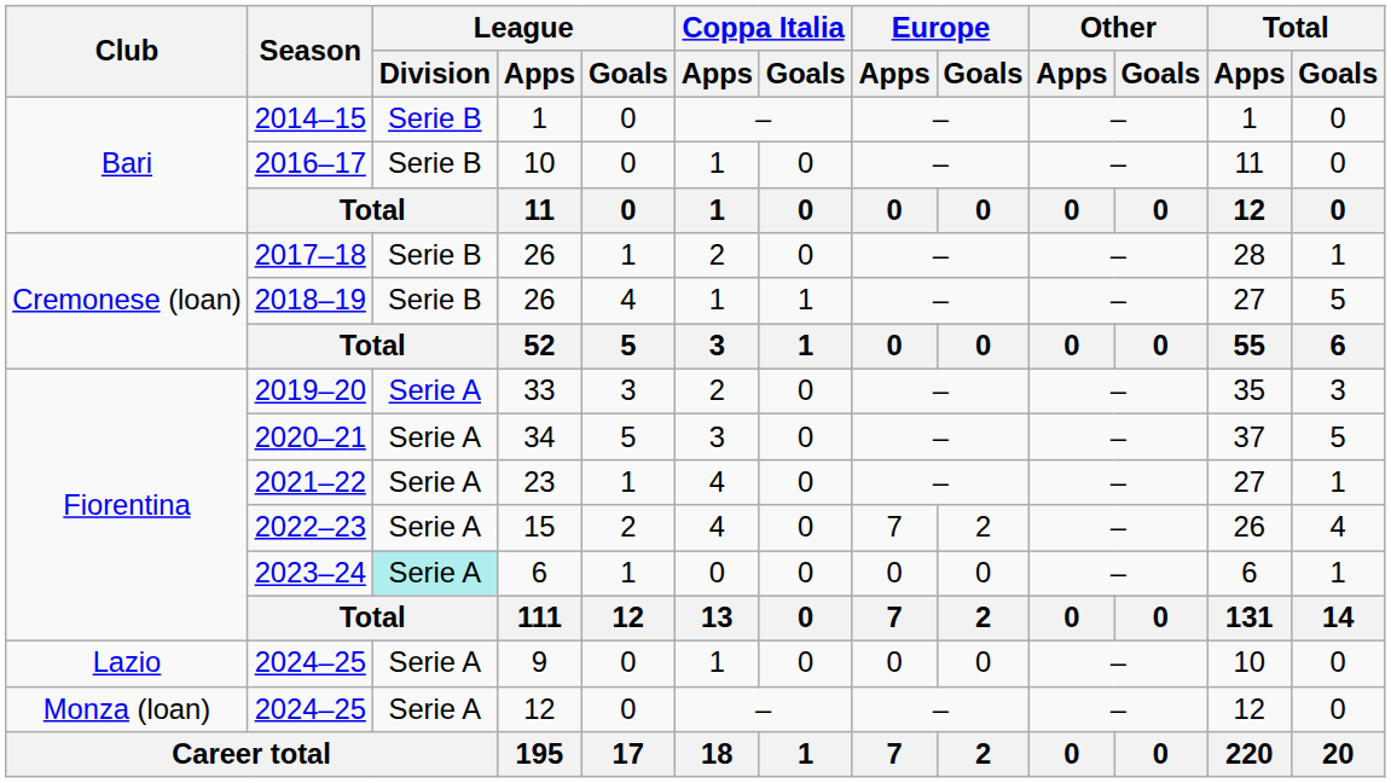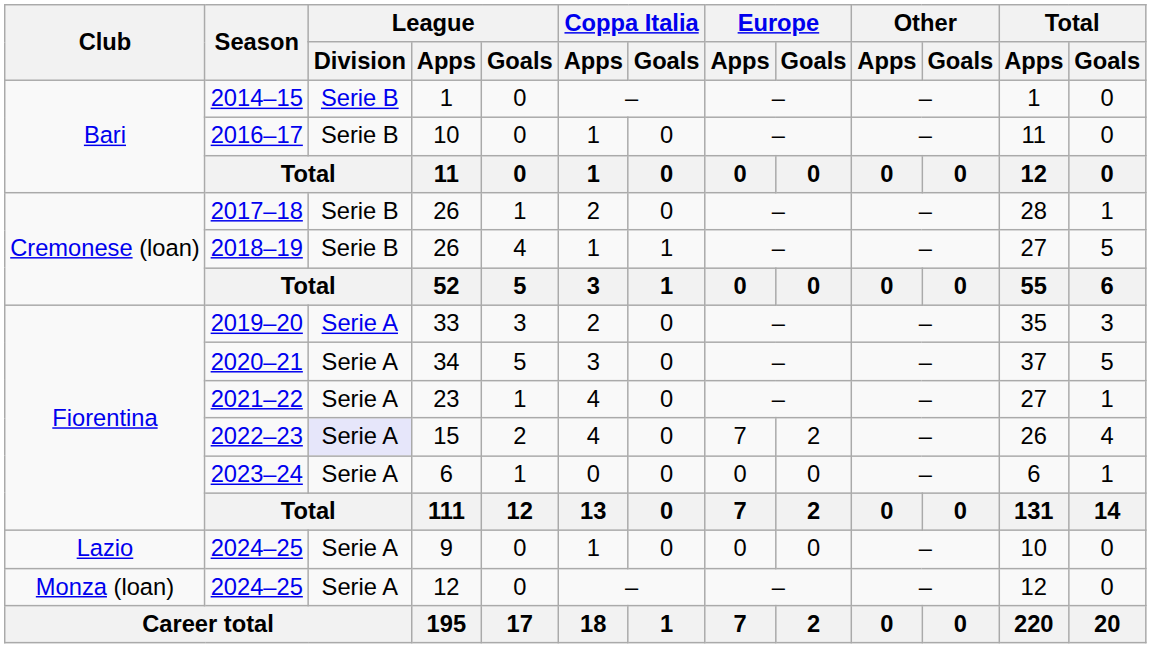 <table class="wikitable" style="text-align:center">
 <tr>
 <th rowspan="2">Club</th>
 <th rowspan="2">Season</th>
 <th colspan="3">League</th>
 <th colspan="2"><a href='#'>Coppa Italia</a></th>
 <th colspan="2"><a href='#'>Europe</a></th>
 <th colspan="2">Other</th>
 <th colspan="2">Total</th>
 </tr>
 <tr>
 <th>Division</th>
 <th>Apps</th>
 <th>Goals</th>
 <th>Apps</th>
 <th>Goals</th>
 <th>Apps</th>
 <th>Goals</th>
 <th>Apps</th>
 <th>Goals</th>
 <th>Apps</th>
 <th>Goals</th>
 </tr>
 <tr>
 <td rowspan="3"><a href='#'>Bari</a></td>
 <td><a href='#'>2014–15</a></td>
 <td><a href='#'>Serie B</a></td>
 <td>1</td>
 <td>0</td>
 <td colspan="2">–</td>
 <td colspan="2">–</td>
 <td colspan="2">–</td>
 <td>1</td>
 <td>0</td>
 </tr>
 <tr>
 <td><a href='#'>2016–17</a></td>
 <td>Serie B</td>
 <td>10</td>
 <td>0</td>
 <td>1</td>
 <td>0</td>
 <td colspan="2">–</td>
 <td colspan="2">–</td>
 <td>11</td>
 <td>0</td>
 </tr>
 <tr>
 <th colspan="2">Total</th>
 <th>11</th>
 <th>0</th>
 <th>1</th>
 <th>0</th>
 <th>0</th>
 <th>0</th>
 <th>0</th>
 <th>0</th>
 <th>12</th>
 <th>0</th>
 </tr>
 <tr>
 <td rowspan="3"><a href='#'>Cremonese</a> (loan)</td>
 <td><a href='#'>2017–18</a></td>
 <td>Serie B</td>
 <td>26</td>
 <td>1</td>
 <td>2</td>
 <td>0</td>
 <td colspan="2">–</td>
 <td colspan="2">–</td>
 <td>28</td>
 <td>1</td>
 </tr>
 <tr>
 <td><a href='#'>2018–19</a></td>
 <td>Serie B</td>
 <td>26</td>
 <td>4</td>
 <td>1</td>
 <td>1</td>
 <td colspan="2">–</td>
 <td colspan="2">–</td>
 <td>27</td>
 <td>5</td>
 </tr>
 <tr>
 <th colspan="2">Total</th>
 <th>52</th>
 <th>5</th>
 <th>3</th>
 <th>1</th>
 <th>0</th>
 <th>0</th>
 <th>0</th>
 <th>0</th>
 <th>55</th>
 <th>6</th>
 </tr>
 <tr>
 <td rowspan="6"><a href='#'>Fiorentina</a></td>
 <td><a href='#'>2019–20</a></td>
 <td><a href='#'>Serie A</a></td>
 <td>33</td>
 <td>3</td>
 <td>2</td>
 <td>0</td>
 <td colspan="2">–</td>
 <td colspan="2">–</td>
 <td>35</td>
 <td>3</td>
 </tr>
 <tr>
 <td><a href='#'>2020–21</a></td>
 <td>Serie A</td>
 <td>34</td>
 <td>5</td>
 <td>3</td>
 <td>0</td>
 <td colspan="2">–</td>
 <td colspan="2">–</td>
 <td>37</td>
 <td>5</td>
 </tr>
 <tr>
 <td><a href='#'>2021–22</a></td>
 <td>Serie A</td>
 <td>23</td>
 <td>1</td>
 <td>4</td>
 <td>0</td>
 <td colspan="2">–</td>
 <td colspan="2">–</td>
 <td>27</td>
 <td>1</td>
 </tr>
 <tr>
 <td><a href='#'>2022–23</a></td>
-<td>Serie A</td>
+<td style="background: lavender;">Serie A</td>
 <td>15</td>
 <td>2</td>
 <td>4</td>
 <td>0</td>
 <td>7</td>
 <td>2</td>
 <td colspan="2">–</td>
 <td>26</td>
 <td>4</td>
 </tr>
 <tr>
 <td><a href='#'>2023–24</a></td>
-<td style="background: paleturquoise;">Serie A</td>
+<td>Serie A</td>
 <td>6</td>
 <td>1</td>
 <td>0</td>
 <td>0</td>
 <td>0</td>
 <td>0</td>
 <td colspan="2">–</td>
 <td>6</td>
 <td>1</td>
 </tr>
 <tr>
 <th colspan="2">Total</th>
 <th>111</th>
 <th>12</th>
 <th>13</th>
 <th>0</th>
 <th>7</th>
 <th>2</th>
 <th>0</th>
 <th>0</th>
 <th>131</th>
 <th>14</th>
 </tr>
 <tr>
 <td><a href='#'>Lazio</a></td>
 <td><a href='#'>2024–25</a></td>
 <td>Serie A</td>
 <td>9</td>
 <td>0</td>
 <td>1</td>
 <td>0</td>
 <td>0</td>
 <td>0</td>
 <td colspan="2">–</td>
 <td>10</td>
 <td>0</td>
 </tr>
 <tr>
 <td><a href='#'>Monza</a> (loan)</td>
 <td><a href='#'>2024–25</a></td>
 <td>Serie A</td>
 <td>12</td>
 <td>0</td>
 <td colspan="2">–</td>
 <td colspan="2">–</td>
 <td colspan="2">–</td>
 <td>12</td>
 <td>0</td>
 </tr>
 <tr>
 <th colspan="3">Career total</th>
 <th>195</th>
 <th>17</th>
 <th>18</th>
 <th>1</th>
 <th>7</th>
 <th>2</th>
 <th>0</th>
 <th>0</th>
 <th>220</th>
 <th>20</th>
 </tr>
 </table>
